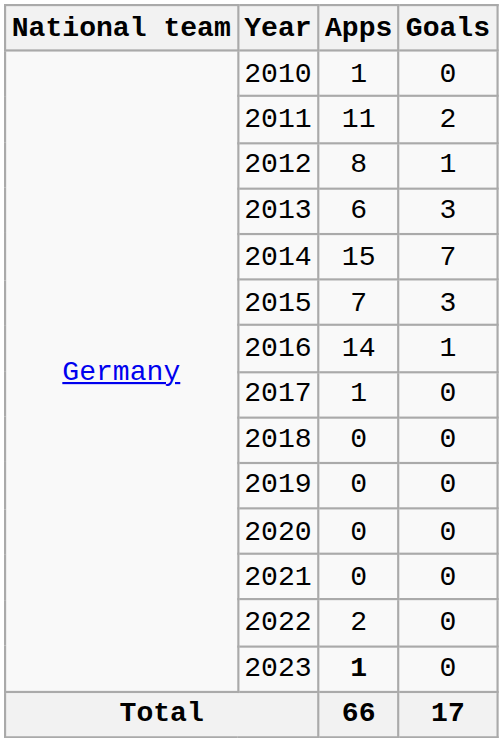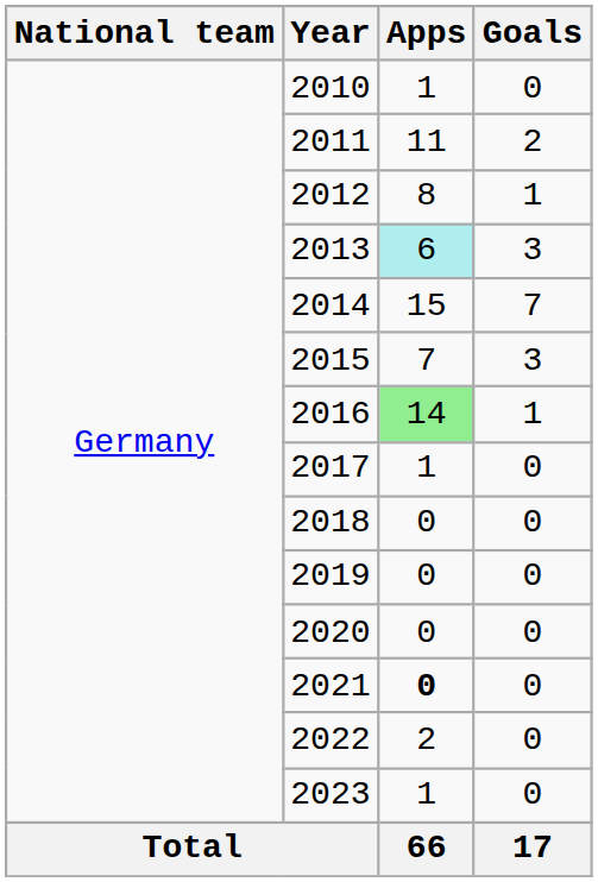 <table class="wikitable" style="text-align:center">
 <tr>
 <th>National team</th>
 <th>Year</th>
 <th>Apps</th>
 <th>Goals</th>
 </tr>
 <tr>
 <td rowspan="14"><a href='#'>Germany</a></td>
 <td>2010</td>
 <td>1</td>
 <td>0</td>
 </tr>
 <tr>
 <td>2011</td>
 <td>11</td>
 <td>2</td>
 </tr>
 <tr>
 <td>2012</td>
 <td>8</td>
 <td>1</td>
 </tr>
 <tr>
 <td>2013</td>
-<td>6</td>
+<td style="background: paleturquoise;">6</td>
 <td>3</td>
 </tr>
 <tr>
 <td>2014</td>
 <td>15</td>
 <td>7</td>
 </tr>
 <tr>
 <td>2015</td>
 <td>7</td>
 <td>3</td>
 </tr>
 <tr>
 <td>2016</td>
-<td>14</td>
+<td style="background: lightgreen;">14</td>
 <td>1</td>
 </tr>
 <tr>
 <td>2017</td>
 <td>1</td>
 <td>0</td>
 </tr>
 <tr>
 <td>2018</td>
 <td>0</td>
 <td>0</td>
 </tr>
 <tr>
 <td>2019</td>
 <td>0</td>
 <td>0</td>
 </tr>
 <tr>
 <td>2020</td>
 <td>0</td>
 <td>0</td>
 </tr>
 <tr>
 <td>2021</td>
-<td>0</td>
+<td><strong>0</strong></td>
 <td>0</td>
 </tr>
 <tr>
 <td>2022</td>
 <td>2</td>
 <td>0</td>
 </tr>
 <tr>
 <td>2023</td>
-<td><strong>1</strong></td>
+<td>1</td>
 <td>0</td>
 </tr>
 <tr>
 <th colspan="2">Total</th>
 <th>66</th>
 <th>17</th>
 </tr>
 </table>
